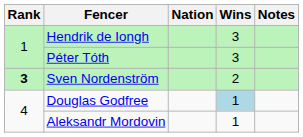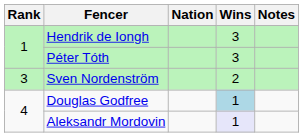 <table class="wikitable sortable" style="text-align:center">
 <tr>
 <th>Rank</th>
 <th>Fencer</th>
 <th>Nation</th>
 <th>Wins</th>
 <th>Notes</th>
 </tr>
 <tr bgcolor=bbf3bb>
 <td rowspan=2>1</td>
 <td align=left><a href='#'>Hendrik de Iongh</a></td>
 <td align=left></td>
 <td>3</td>
 <td></td>
 </tr>
 <tr bgcolor=bbf3bb>
 <td align=left><a href='#'>Péter Tóth</a></td>
 <td align=left></td>
 <td>3</td>
 <td></td>
 </tr>
 <tr bgcolor=bbf3bb>
-<td><strong>3</strong></td>
+<td>3</td>
 <td align=left><a href='#'>Sven Nordenström</a></td>
 <td align=left></td>
 <td>2</td>
 <td></td>
 </tr>
 <tr>
 <td rowspan=2>4</td>
 <td align=left><a href='#'>Douglas Godfree</a></td>
 <td align=left></td>
 <td style="background: lightblue;">1</td>
 <td></td>
 </tr>
 <tr>
 <td align=left><a href='#'>Aleksandr Mordovin</a></td>
 <td align=left></td>
-<td>1</td>
+<td style="background: lavender;">1</td>
 <td></td>
 </tr>
 </table>
